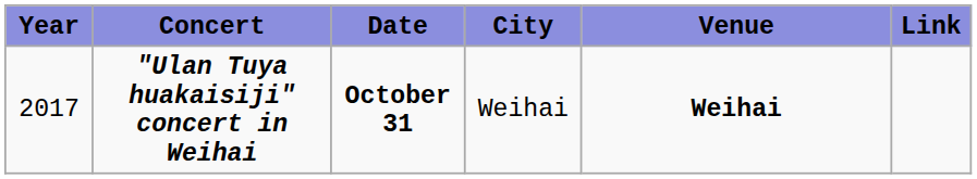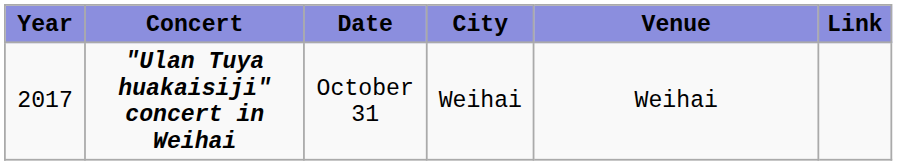 <table class="wikitable sortable mw-collapsible" width="80%" style="text-align:center">
 <tr align="center" style="background:#8B8EDE">
 <td style="width:2%"><strong>Year</strong></td>
 <td style="width:8%"><strong>Concert</strong></td>
 <td style="width:2%"><strong>Date</strong></td>
 <td style="width:2%"><strong>City</strong></td>
 <td style="width:18%"><strong>Venue</strong></td>
 <td style="width:1%"><strong>Link</strong></td>
 </tr>
 <tr>
 <td rowspan="2">2017</td>
 <td rowspan="2"><strong><em>"Ulan Tuya huakaisiji" concert in Weihai</em></strong></td>
-<td><strong>October 31</strong></td>
+<td>October 31</td>
 <td>Weihai</td>
-<td><strong>Weihai</strong></td>
+<td>Weihai</td>
 <td></td>
 </tr>
 </table>
